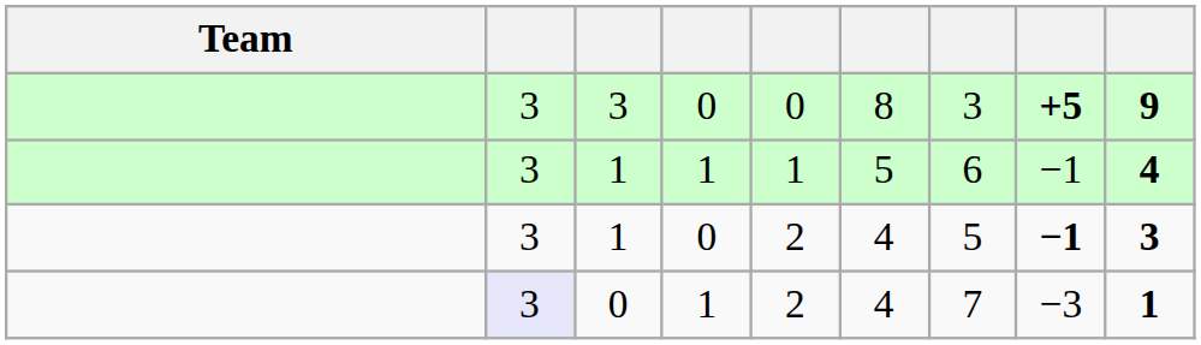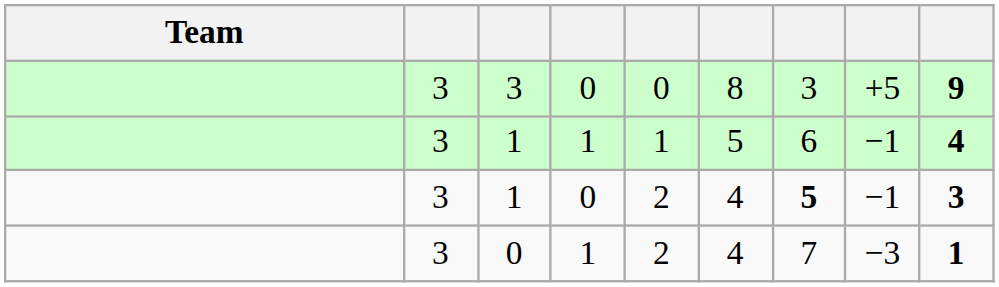 <table class="wikitable" style="text-align: center; font-size: 90%;">
 <tr>
 <th width=165>Team</th>
 <th width=25></th>
 <th width=25></th>
 <th width=25></th>
 <th width=25></th>
 <th width=25></th>
 <th width=25></th>
 <th width=25></th>
 <th width=25></th>
 </tr>
 <tr style="background:#cfc;">
 <td align="left"></td>
 <td>3</td>
 <td>3</td>
 <td>0</td>
 <td>0</td>
 <td>8</td>
 <td>3</td>
-<td><strong>+5</strong></td>
+<td>+5</td>
 <td><strong>9</strong></td>
 </tr>
 <tr style="background:#cfc;">
 <td align="left"></td>
 <td>3</td>
 <td>1</td>
 <td>1</td>
 <td>1</td>
 <td>5</td>
 <td>6</td>
 <td>−1</td>
 <td><strong>4</strong></td>
 </tr>
 <tr>
 <td align="left"></td>
 <td>3</td>
 <td>1</td>
 <td>0</td>
 <td>2</td>
 <td>4</td>
-<td>5</td>
-<td><strong>−1</strong></td>
+<td><strong>5</strong></td>
+<td>−1</td>
 <td><strong>3</strong></td>
 </tr>
 <tr>
 <td align="left"></td>
-<td style="background: lavender;">3</td>
+<td>3</td>
 <td>0</td>
 <td>1</td>
 <td>2</td>
 <td>4</td>
 <td>7</td>
 <td>−3</td>
 <td><strong>1</strong></td>
 </tr>
 </table>
